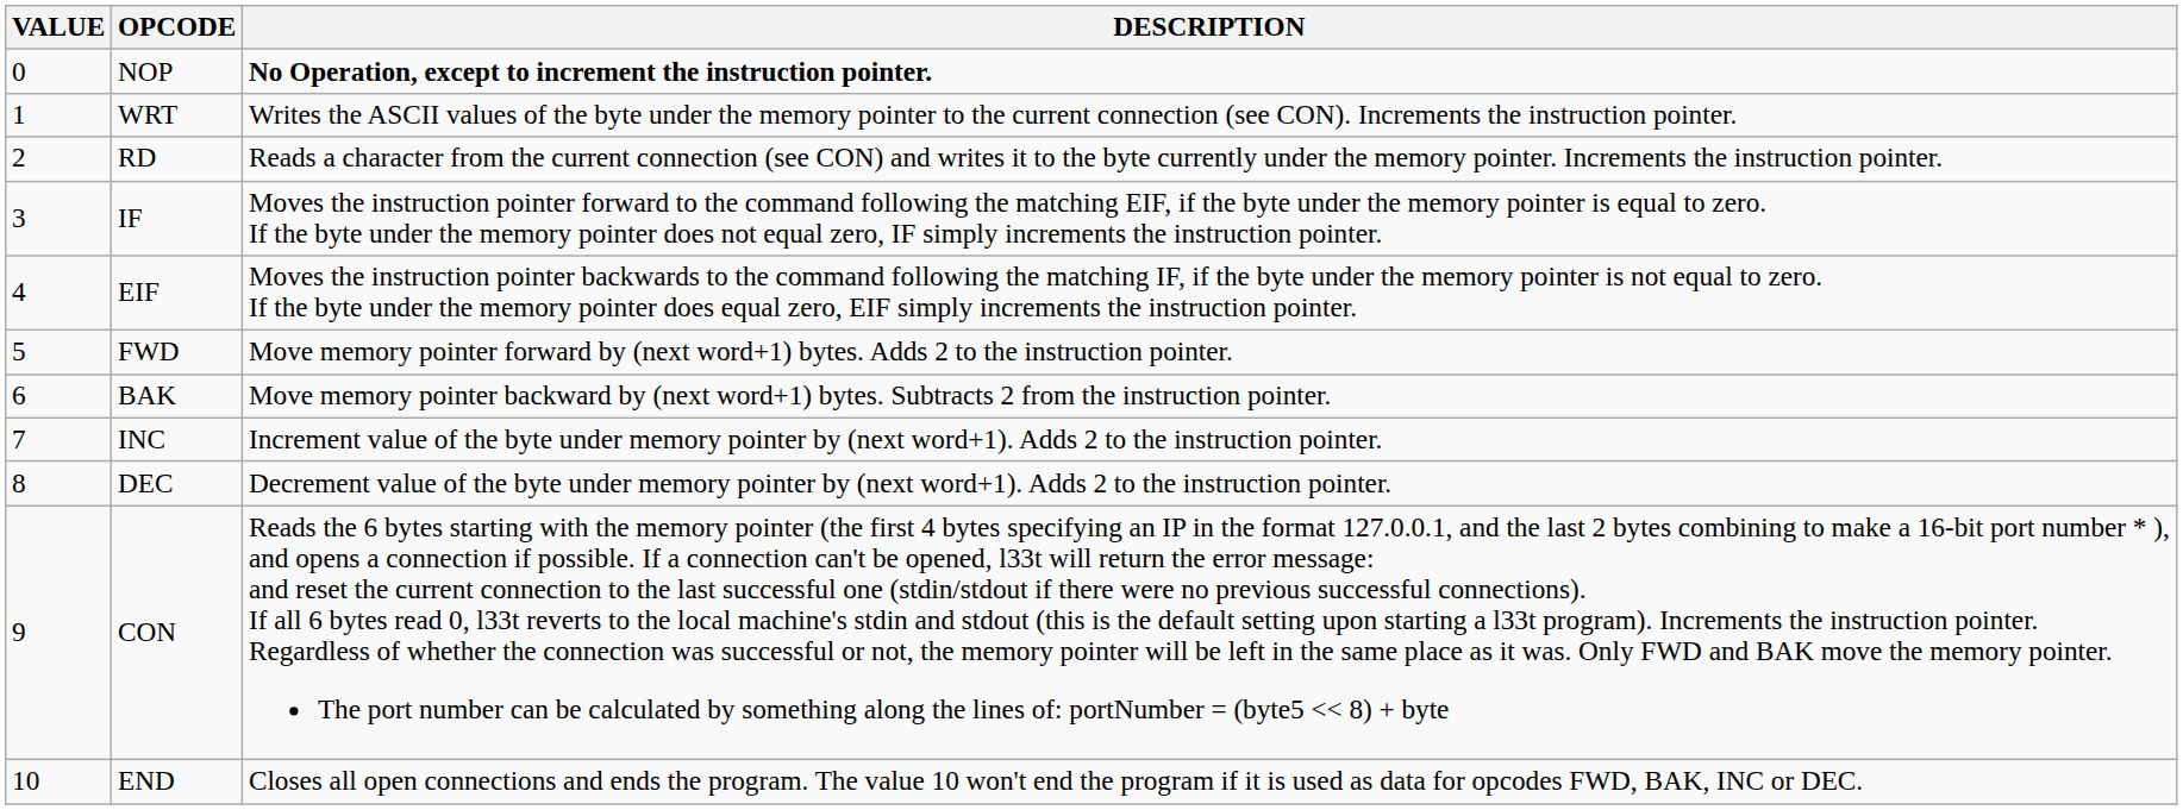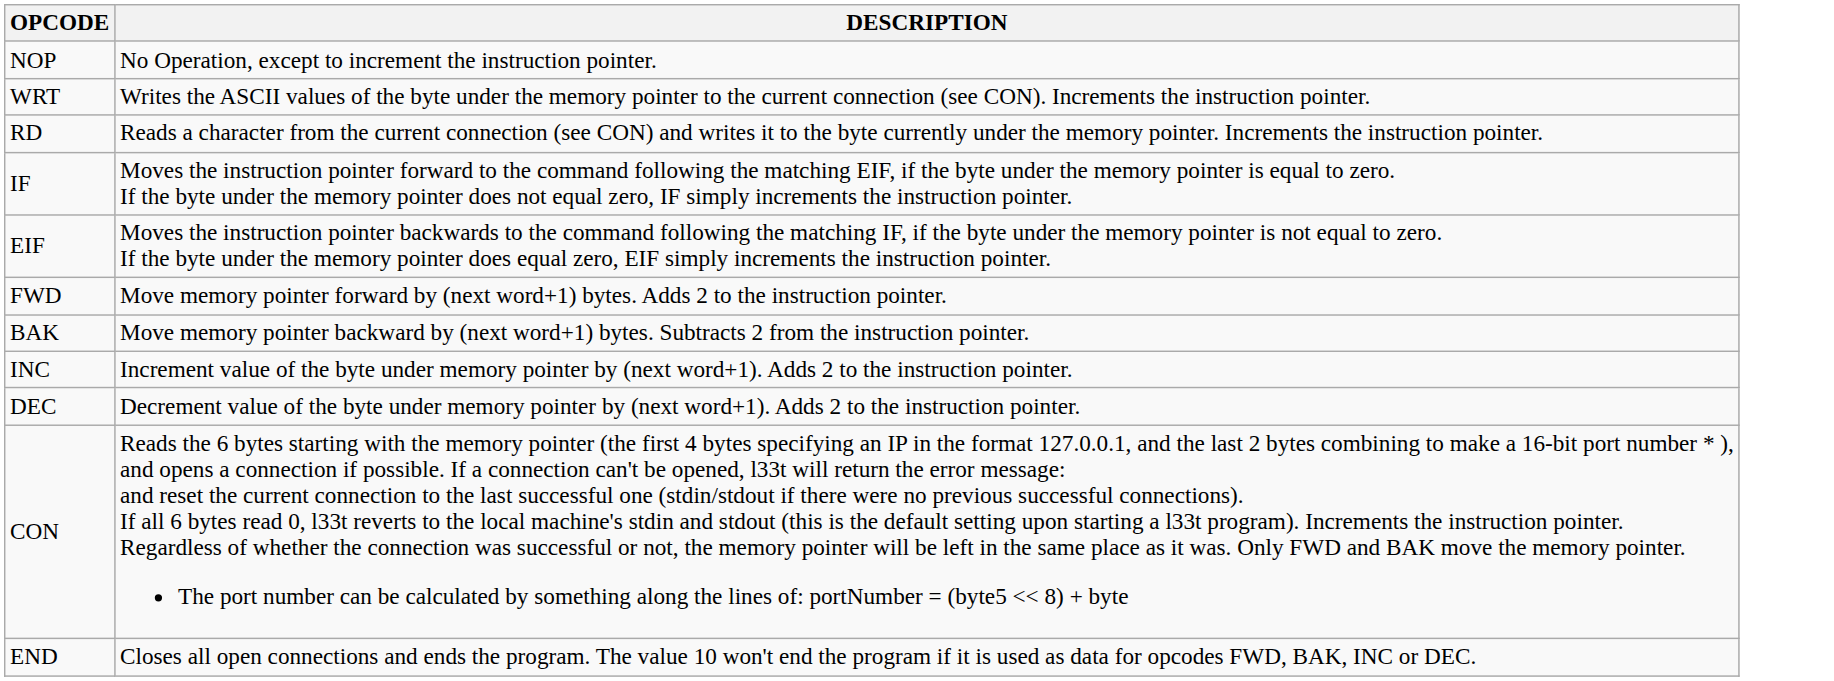 <table class = "wikitable">
 <tr>
-<th>VALUE</th>
 <th>OPCODE</th>
 <th>DESCRIPTION</th>
 </tr>
 <tr>
-<td>0</td>
 <td>NOP</td>
-<td><strong>No Operation, except to increment the instruction pointer.</strong></td>
+<td>No Operation, except to increment the instruction pointer.</td>
 </tr>
 <tr>
-<td>1</td>
 <td>WRT</td>
 <td>Writes the ASCII values of the byte under the memory pointer to the current connection (see CON). Increments the instruction pointer.</td>
 </tr>
 <tr>
-<td>2</td>
 <td>RD</td>
 <td>Reads a character from the current connection (see CON) and writes it to the byte currently under the memory pointer. Increments the instruction pointer.</td>
 </tr>
 <tr>
-<td>3</td>
 <td>IF</td>
 <td>Moves the instruction pointer forward to the command following the matching EIF, if the byte under the memory pointer is equal to zero. <br>If the byte under the memory pointer does not equal zero, IF simply increments the instruction pointer.</td>
 </tr>
 <tr>
-<td>4</td>
 <td>EIF</td>
 <td>Moves the instruction pointer backwards to the command following the matching IF, if the byte under the memory pointer is not equal to zero. <br> If the byte under the memory pointer does equal zero, EIF simply increments the instruction pointer.</td>
 </tr>
 <tr>
-<td>5</td>
 <td>FWD</td>
 <td>Move memory pointer forward by (next word+1) bytes. Adds 2 to the instruction pointer.</td>
 </tr>
 <tr>
-<td>6</td>
 <td>BAK</td>
 <td>Move memory pointer backward by (next word+1) bytes. Subtracts 2 from the instruction pointer.</td>
 </tr>
 <tr>
-<td>7</td>
 <td>INC</td>
 <td>Increment value of the byte under memory pointer by (next word+1). Adds 2 to the instruction pointer.</td>
 </tr>
 <tr>
-<td>8</td>
 <td>DEC</td>
 <td>Decrement value of the byte under memory pointer by (next word+1). Adds 2 to the instruction pointer.</td>
 </tr>
 <tr>
-<td>9</td>
 <td>CON</td>
 <td>Reads the 6 bytes starting with the memory pointer (the first 4 bytes specifying an IP in the format 127.0.0.1, and the last 2 bytes combining to make a 16-bit port number * ),<br> and opens a connection if possible. If a connection can't be opened, l33t will return the error message:<br>and reset the current connection to the last successful one (stdin/stdout if there were no previous successful connections).<br> If all 6 bytes read 0, l33t  reverts to the local machine's stdin and stdout (this is the default setting upon starting a l33t program). Increments the instruction pointer. <br>Regardless of whether the connection was successful or not, the memory pointer will be left in the same place as it was. Only FWD and BAK move the memory pointer.<ul><li>The port number can be calculated by something along the lines of: portNumber = (byte5 << 8) + byte</li></ul></td>
 </tr>
 <tr>
-<td>10</td>
 <td>END</td>
 <td>Closes all open connections and ends the program. The value 10 won't end the program if it is used as data for opcodes FWD, BAK, INC or DEC.</td>
 </tr>
 </table>
